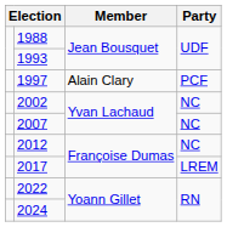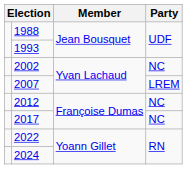 <table class="wikitable">
 <tr>
 <th colspan="2">Election</th>
 <th>Member</th>
 <th>Party</th>
 </tr>
 <tr>
 <td rowspan=2 style="color:inherit;background-color: "></td>
 <td><a href='#'>1988</a></td>
 <td rowspan=2><a href='#'>Jean Bousquet</a></td>
 <td rowspan=2><a href='#'>UDF</a></td>
 </tr>
 <tr>
 <td><a href='#'>1993</a></td>
 </tr>
 <tr>
 <td style="color:inherit;background-color: "></td>
-<td><a href='#'>1997</a></td>
-<td>Alain Clary</td>
-<td><a href='#'>PCF</a></td>
-</tr>
-<tr>
-<td style="color:inherit;background-color: "></td>
 <td><a href='#'>2002</a></td>
 <td rowspan=2><a href='#'>Yvan Lachaud</a></td>
 <td><a href='#'>NC</a></td>
 </tr>
 <tr>
 <td style="color:inherit;background-color: "></td>
 <td><a href='#'>2007</a></td>
-<td><a href='#'>NC</a></td>
+<td><a href='#'>LREM</a></td>
 </tr>
 <tr>
 <td style="color:inherit;background-color: "></td>
 <td><a href='#'>2012</a></td>
 <td rowspan=2><a href='#'>Françoise Dumas</a></td>
 <td><a href='#'>NC</a></td>
 </tr>
 <tr>
 <td style="color:inherit;background-color: "></td>
 <td><a href='#'>2017</a></td>
-<td><a href='#'>LREM</a></td>
+<td><a href='#'>NC</a></td>
 </tr>
 <tr>
 <td style="color:inherit;background-color: "></td>
 <td><a href='#'>2022</a></td>
 <td rowspan="2"><a href='#'>Yoann Gillet</a></td>
 <td rowspan="2"><a href='#'>RN</a></td>
 </tr>
 <tr>
 <td style="color:inherit;background-color: "></td>
 <td><a href='#'>2024</a></td>
 </tr>
 </table>
